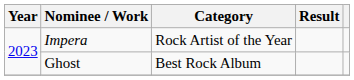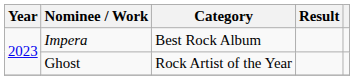 <table class="wikitable sortable plainrowheaders">
 <tr>
 <th scope="col">Year</th>
 <th scope="col">Nominee / Work</th>
 <th scope="col">Category</th>
 <th scope="col">Result</th>
 <th scope="col" class="unsortable"></th>
 </tr>
 <tr>
 <td rowspan="2"><a href='#'>2023</a></td>
 <td><em>Impera</em></td>
-<td>Rock Artist of the Year</td>
+<td>Best Rock Album</td>
 <td></td>
 <td style="text-align:center;"></td>
 </tr>
 <tr>
 <td>Ghost</td>
-<td>Best Rock Album</td>
+<td>Rock Artist of the Year</td>
 <td></td>
 <td style="text-align:center;"></td>
 </tr>
 <tr>
 </tr>
 </table>
